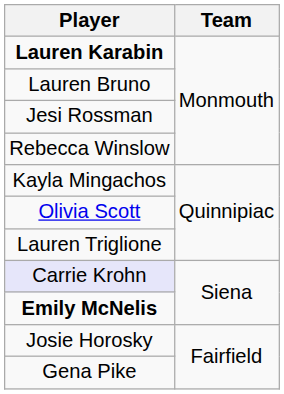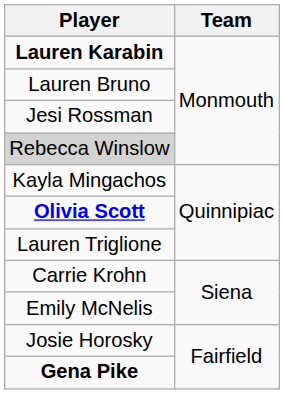 <table class="wikitable" style="text-align: center;">
 <tr>
 <th>Player</th>
 <th>Team</th>
 </tr>
 <tr>
 <td><strong>Lauren Karabin</strong></td>
 <td rowspan=4>Monmouth</td>
 </tr>
 <tr>
 <td>Lauren Bruno</td>
 </tr>
 <tr>
 <td>Jesi Rossman</td>
 </tr>
 <tr>
-<td>Rebecca Winslow</td>
+<td style="background: lightgrey;">Rebecca Winslow</td>
 </tr>
 <tr>
 <td>Kayla Mingachos</td>
 <td rowspan=3>Quinnipiac</td>
 </tr>
 <tr>
-<td><a href='#'>Olivia Scott</a></td>
+<td><strong><a href='#'>Olivia Scott</a></strong></td>
 </tr>
 <tr>
 <td>Lauren Triglione</td>
 </tr>
 <tr>
-<td style="background: lavender;">Carrie Krohn</td>
+<td>Carrie Krohn</td>
 <td rowspan=2>Siena</td>
 </tr>
 <tr>
-<td><strong>Emily McNelis</strong></td>
+<td>Emily McNelis</td>
 </tr>
 <tr>
 <td>Josie Horosky</td>
 <td rowspan=2>Fairfield</td>
 </tr>
 <tr>
-<td>Gena Pike</td>
+<td><strong>Gena Pike</strong></td>
 </tr>
 </table>
